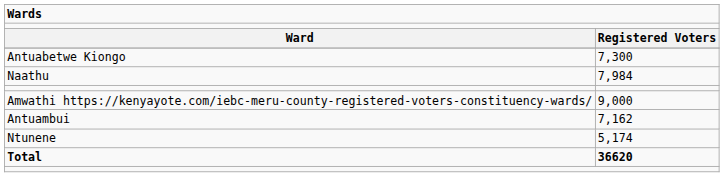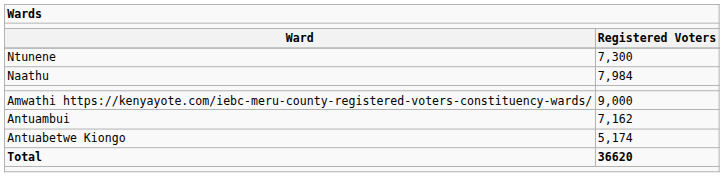 <table class="wikitable">
 <tr>
 <td colspan="2"><strong>Wards</strong></td>
 </tr>
 <tr>
 <td colspan="2"></td>
 </tr>
 <tr>
 <th>Ward</th>
 <th>Registered Voters</th>
 </tr>
 <tr>
 </tr>
 <tr>
-<td>Antuabetwe Kiongo</td>
+<td>Ntunene</td>
 <td>7,300</td>
 </tr>
 <tr>
 <td>Naathu</td>
 <td>7,984</td>
 </tr>
 <tr>
 <td></td>
 <td></td>
 </tr>
 <tr>
 <td>Amwathi https://kenyayote.com/iebc-meru-county-registered-voters-constituency-wards/</td>
 <td>9,000</td>
 </tr>
 <tr>
 <td>Antuambui</td>
 <td>7,162</td>
 </tr>
 <tr>
-<td>Ntunene</td>
+<td>Antuabetwe Kiongo</td>
 <td>5,174</td>
 </tr>
 <tr>
 <td><strong>Total</strong></td>
 <td><strong>36620</strong></td>
 </tr>
 <tr>
 <td colspan="2"></td>
 </tr>
 </table>
